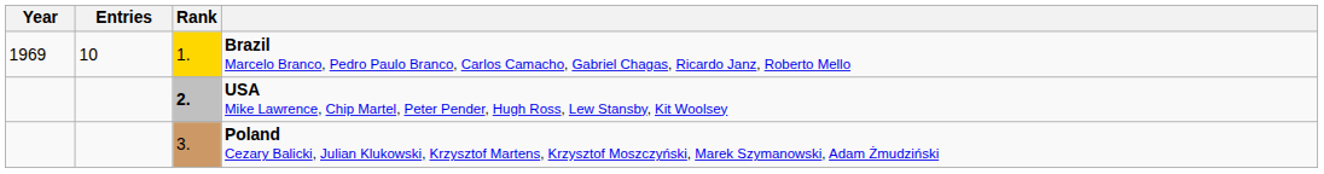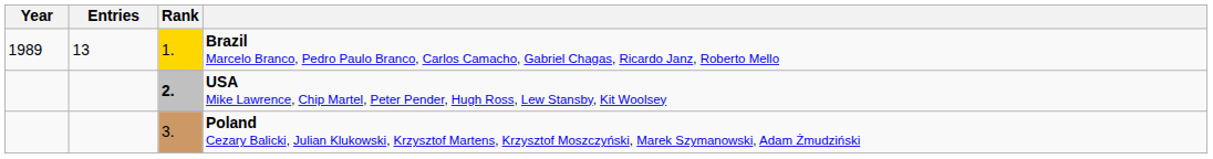 <table class="wikitable" style="width:100%;">
 <tr>
 <th>Year</th>
 <th>Entries</th>
 <th>Rank</th>
 <th></th>
 </tr>
 <tr>
-<td width = 60>1969</td>
-<td>10</td>
+<td width = 60>1989</td>
+<td>13</td>
 <td style="background:gold; width:30px;">1.</td>
 <td> <strong>Brazil</strong><br><small><a href='#'>Marcelo Branco</a>, <a href='#'>Pedro Paulo Branco</a>, <a href='#'>Carlos Camacho</a>, <a href='#'>Gabriel Chagas</a>, <a href='#'>Ricardo Janz</a>, <a href='#'>Roberto Mello</a></small></td>
 </tr>
 <tr>
 <td></td>
 <td></td>
 <td style="background:silver;"><strong>2.</strong></td>
 <td> <strong>USA</strong><br><small><a href='#'>Mike Lawrence</a>, <a href='#'>Chip Martel</a>, <a href='#'>Peter Pender</a>, <a href='#'>Hugh Ross</a>, <a href='#'>Lew Stansby</a>, <a href='#'>Kit Woolsey</a></small></td>
 </tr>
 <tr>
 <td></td>
 <td></td>
 <td style="background:#c96;">3.</td>
 <td> <strong>Poland</strong><br><small><a href='#'>Cezary Balicki</a>, <a href='#'>Julian Klukowski</a>, <a href='#'>Krzysztof Martens</a>, <a href='#'>Krzysztof Moszczyński</a>, <a href='#'>Marek Szymanowski</a>, <a href='#'>Adam Żmudziński</a></small></td>
 </tr>
 </table>
